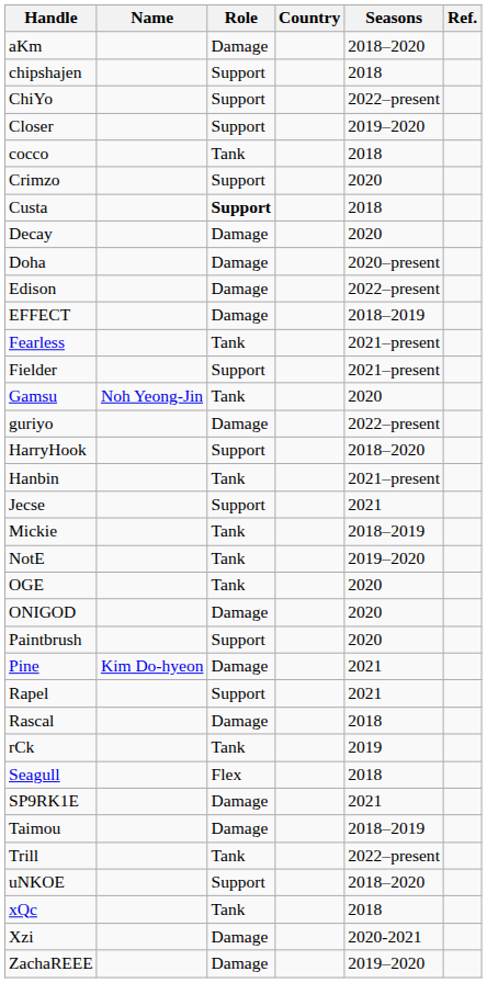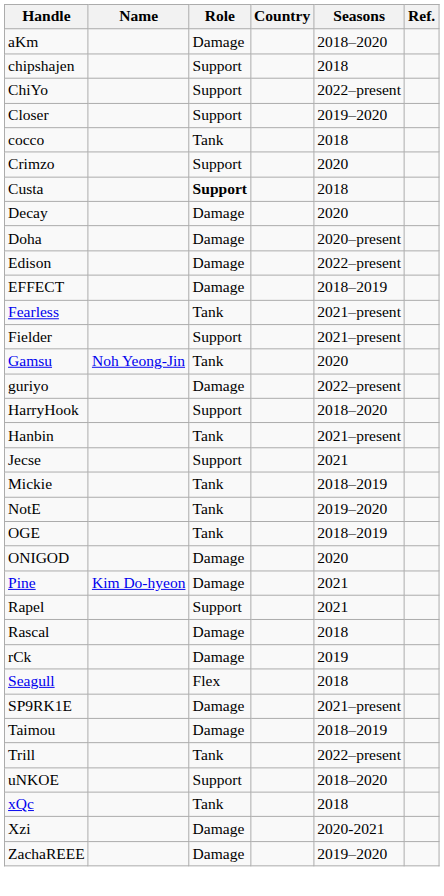 <table class="wikitable sortable" style="text-align:left;">
 <tr>
 <th style="background-color:#">Handle</th>
 <th style="background-color:#">Name</th>
 <th style="background-color:#">Role</th>
 <th style="background-color:#">Country</th>
 <th style="background-color:#">Seasons</th>
 <th style="background-color:#">Ref.</th>
 </tr>
 <tr>
 <td>aKm</td>
 <td></td>
 <td>Damage</td>
 <td></td>
 <td>2018–2020</td>
 <td></td>
 </tr>
 <tr>
 <td>chipshajen</td>
 <td></td>
 <td>Support</td>
 <td></td>
 <td>2018</td>
 <td></td>
 </tr>
 <tr>
 <td>ChiYo</td>
 <td></td>
 <td>Support</td>
 <td></td>
 <td>2022–present</td>
 <td></td>
 </tr>
 <tr>
 <td>Closer</td>
 <td></td>
 <td>Support</td>
 <td></td>
 <td>2019–2020</td>
 <td></td>
 </tr>
 <tr>
 <td>cocco</td>
 <td></td>
 <td>Tank</td>
 <td></td>
 <td>2018</td>
 <td></td>
 </tr>
 <tr>
 <td>Crimzo</td>
 <td></td>
 <td>Support</td>
 <td></td>
 <td>2020</td>
 <td></td>
 </tr>
 <tr>
 <td>Custa</td>
 <td></td>
 <td><strong>Support</strong></td>
 <td></td>
 <td>2018</td>
 <td></td>
 </tr>
 <tr>
 <td>Decay</td>
 <td></td>
 <td>Damage</td>
 <td></td>
 <td>2020</td>
 <td></td>
 </tr>
 <tr>
 <td>Doha</td>
 <td></td>
 <td>Damage</td>
 <td></td>
 <td>2020–present</td>
 <td></td>
 </tr>
 <tr>
 <td>Edison</td>
 <td></td>
 <td>Damage</td>
 <td></td>
 <td>2022–present</td>
 <td></td>
 </tr>
 <tr>
 <td>EFFECT</td>
 <td></td>
 <td>Damage</td>
 <td></td>
 <td>2018–2019</td>
 <td></td>
 </tr>
 <tr>
 <td><a href='#'>Fearless</a></td>
 <td></td>
 <td>Tank</td>
 <td></td>
 <td>2021–present</td>
 <td></td>
 </tr>
 <tr>
 <td>Fielder</td>
 <td></td>
 <td>Support</td>
 <td></td>
 <td>2021–present</td>
 <td></td>
 </tr>
 <tr>
 <td><a href='#'>Gamsu</a></td>
 <td><a href='#'>Noh Yeong-Jin</a></td>
 <td>Tank</td>
 <td></td>
 <td>2020</td>
 <td></td>
 </tr>
 <tr>
 <td>guriyo</td>
 <td></td>
 <td>Damage</td>
 <td></td>
 <td>2022–present</td>
 <td></td>
 </tr>
 <tr>
 <td>HarryHook</td>
 <td></td>
 <td>Support</td>
 <td></td>
 <td>2018–2020</td>
 <td></td>
 </tr>
 <tr>
 <td>Hanbin</td>
 <td></td>
 <td>Tank</td>
 <td></td>
 <td>2021–present</td>
 <td></td>
 </tr>
 <tr>
 <td>Jecse</td>
 <td></td>
 <td>Support</td>
 <td></td>
 <td>2021</td>
 <td></td>
 </tr>
 <tr>
 <td>Mickie</td>
 <td></td>
 <td>Tank</td>
 <td></td>
 <td>2018–2019</td>
 <td></td>
 </tr>
 <tr>
 <td>NotE</td>
 <td></td>
 <td>Tank</td>
 <td></td>
 <td>2019–2020</td>
 <td></td>
 </tr>
 <tr>
 <td>OGE</td>
 <td></td>
 <td>Tank</td>
 <td></td>
-<td>2020</td>
+<td>2018–2019</td>
 <td></td>
 </tr>
 <tr>
 <td>ONIGOD</td>
 <td></td>
 <td>Damage</td>
-<td></td>
-<td>2020</td>
-<td></td>
-</tr>
-<tr>
-<td>Paintbrush</td>
-<td></td>
-<td>Support</td>
 <td></td>
 <td>2020</td>
 <td></td>
 </tr>
 <tr>
 <td><a href='#'>Pine</a></td>
 <td><a href='#'>Kim Do-hyeon</a></td>
 <td>Damage</td>
 <td></td>
 <td>2021</td>
 <td></td>
 </tr>
 <tr>
 <td>Rapel</td>
 <td></td>
 <td>Support</td>
 <td></td>
 <td>2021</td>
 <td></td>
 </tr>
 <tr>
 <td>Rascal</td>
 <td></td>
 <td>Damage</td>
 <td></td>
 <td>2018</td>
 <td></td>
 </tr>
 <tr>
 <td>rCk</td>
 <td></td>
-<td>Tank</td>
+<td>Damage</td>
 <td></td>
 <td>2019</td>
 <td></td>
 </tr>
 <tr>
 <td><a href='#'>Seagull</a></td>
 <td></td>
 <td>Flex</td>
 <td></td>
 <td>2018</td>
 <td></td>
 </tr>
 <tr>
 <td>SP9RK1E</td>
 <td></td>
 <td>Damage</td>
 <td></td>
-<td>2021</td>
+<td>2021–present</td>
 <td></td>
 </tr>
 <tr>
 <td>Taimou</td>
 <td></td>
 <td>Damage</td>
 <td></td>
 <td>2018–2019</td>
 <td></td>
 </tr>
 <tr>
 <td>Trill</td>
 <td></td>
 <td>Tank</td>
 <td></td>
 <td>2022–present</td>
 <td></td>
 </tr>
 <tr>
 <td>uNKOE</td>
 <td></td>
 <td>Support</td>
 <td></td>
 <td>2018–2020</td>
 <td></td>
 </tr>
 <tr>
 <td><a href='#'>xQc</a></td>
 <td></td>
 <td>Tank</td>
 <td></td>
 <td>2018</td>
 <td></td>
 </tr>
 <tr>
 <td>Xzi</td>
 <td></td>
 <td>Damage</td>
 <td></td>
 <td>2020-2021</td>
 <td></td>
 </tr>
 <tr>
 <td>ZachaREEE</td>
 <td></td>
 <td>Damage</td>
 <td></td>
 <td>2019–2020</td>
 <td></td>
 </tr>
 </table>
